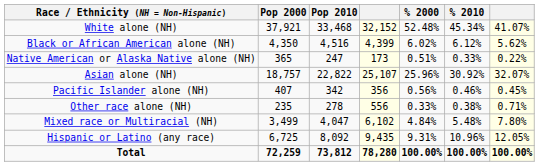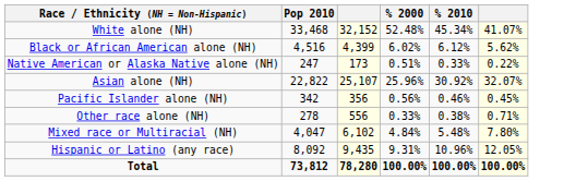 <table class="wikitable" style="text-align:center;">
 <tr>
 <th>Race / Ethnicity <small>(<em>NH = Non-Hispanic</em>)</small></th>
-<th>Pop 2000</th>
 <th>Pop 2010</th>
 <th></th>
 <th>% 2000</th>
 <th>% 2010</th>
 <th></th>
 </tr>
 <tr>
 <td><a href='#'>White</a> alone (NH)</td>
-<td>37,921</td>
 <td>33,468</td>
 <td style='background: #ffffe6;'>32,152</td>
 <td>52.48%</td>
 <td>45.34%</td>
 <td style='background: #ffffe6;'>41.07%</td>
 </tr>
 <tr>
 <td><a href='#'>Black or African American</a> alone (NH)</td>
-<td>4,350</td>
 <td>4,516</td>
 <td style='background: #ffffe6;'>4,399</td>
 <td>6.02%</td>
 <td>6.12%</td>
 <td style='background: #ffffe6;'>5.62%</td>
 </tr>
 <tr>
 <td><a href='#'>Native American</a> or <a href='#'>Alaska Native</a> alone (NH)</td>
-<td>365</td>
 <td>247</td>
 <td style='background: #ffffe6;'>173</td>
 <td>0.51%</td>
 <td>0.33%</td>
 <td style='background: #ffffe6;'>0.22%</td>
 </tr>
 <tr>
 <td><a href='#'>Asian</a> alone (NH)</td>
-<td>18,757</td>
 <td>22,822</td>
 <td style='background: #ffffe6;'>25,107</td>
 <td>25.96%</td>
 <td>30.92%</td>
 <td style='background: #ffffe6;'>32.07%</td>
 </tr>
 <tr>
 <td><a href='#'>Pacific Islander</a> alone (NH)</td>
-<td>407</td>
 <td>342</td>
 <td style='background: #ffffe6;'>356</td>
 <td>0.56%</td>
 <td>0.46%</td>
 <td style='background: #ffffe6;'>0.45%</td>
 </tr>
 <tr>
 <td><a href='#'>Other race</a> alone (NH)</td>
-<td>235</td>
 <td>278</td>
 <td style='background: #ffffe6;'>556</td>
 <td>0.33%</td>
 <td>0.38%</td>
 <td style='background: #ffffe6;'>0.71%</td>
 </tr>
 <tr>
 <td><a href='#'>Mixed race or Multiracial</a> (NH)</td>
-<td>3,499</td>
 <td>4,047</td>
 <td style='background: #ffffe6;'>6,102</td>
 <td>4.84%</td>
 <td>5.48%</td>
 <td style='background: #ffffe6;'>7.80%</td>
 </tr>
 <tr>
 <td><a href='#'>Hispanic or Latino</a> (any race)</td>
-<td>6,725</td>
 <td>8,092</td>
 <td style='background: #ffffe6;'>9,435</td>
 <td>9.31%</td>
 <td>10.96%</td>
 <td style='background: #ffffe6;'>12.05%</td>
 </tr>
 <tr>
 <td><strong>Total</strong></td>
-<td><strong>72,259</strong></td>
 <td><strong>73,812</strong></td>
 <td style='background: #ffffe6;'><strong>78,280</strong></td>
 <td><strong>100.00%</strong></td>
 <td><strong>100.00%</strong></td>
 <td style='background: #ffffe6;'><strong>100.00%</strong></td>
 </tr>
 </table>
